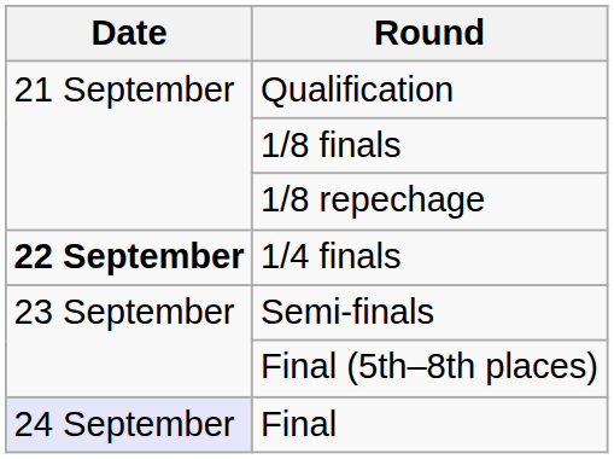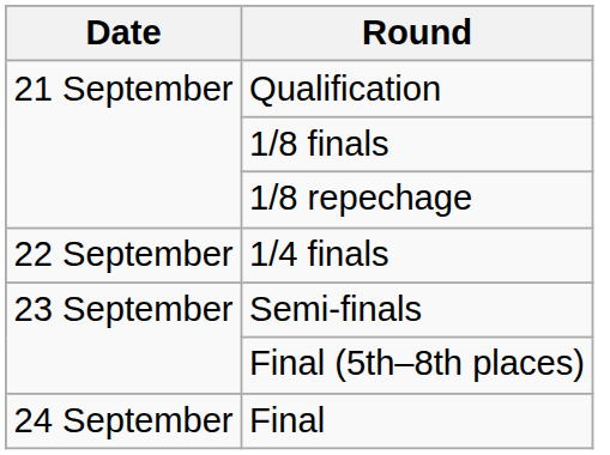 <table class="wikitable">
 <tr>
 <th>Date</th>
 <th>Round</th>
 </tr>
 <tr>
 <td rowspan="3" style="vertical-align:top;">21 September</td>
 <td>Qualification</td>
 </tr>
 <tr>
 <td>1/8 finals</td>
 </tr>
 <tr>
 <td>1/8 repechage</td>
 </tr>
 <tr>
-<td style="vertical-align:top;"><strong>22 September</strong></td>
+<td style="vertical-align:top;">22 September</td>
 <td>1/4 finals</td>
 </tr>
 <tr>
 <td rowspan="2" style="vertical-align:top;">23 September</td>
 <td>Semi-finals</td>
 </tr>
 <tr>
 <td>Final (5th–8th places)</td>
 </tr>
 <tr>
-<td style="background: lavender; vertical-align:top;">24 September</td>
+<td style="vertical-align:top;">24 September</td>
 <td>Final</td>
 </tr>
 </table>
